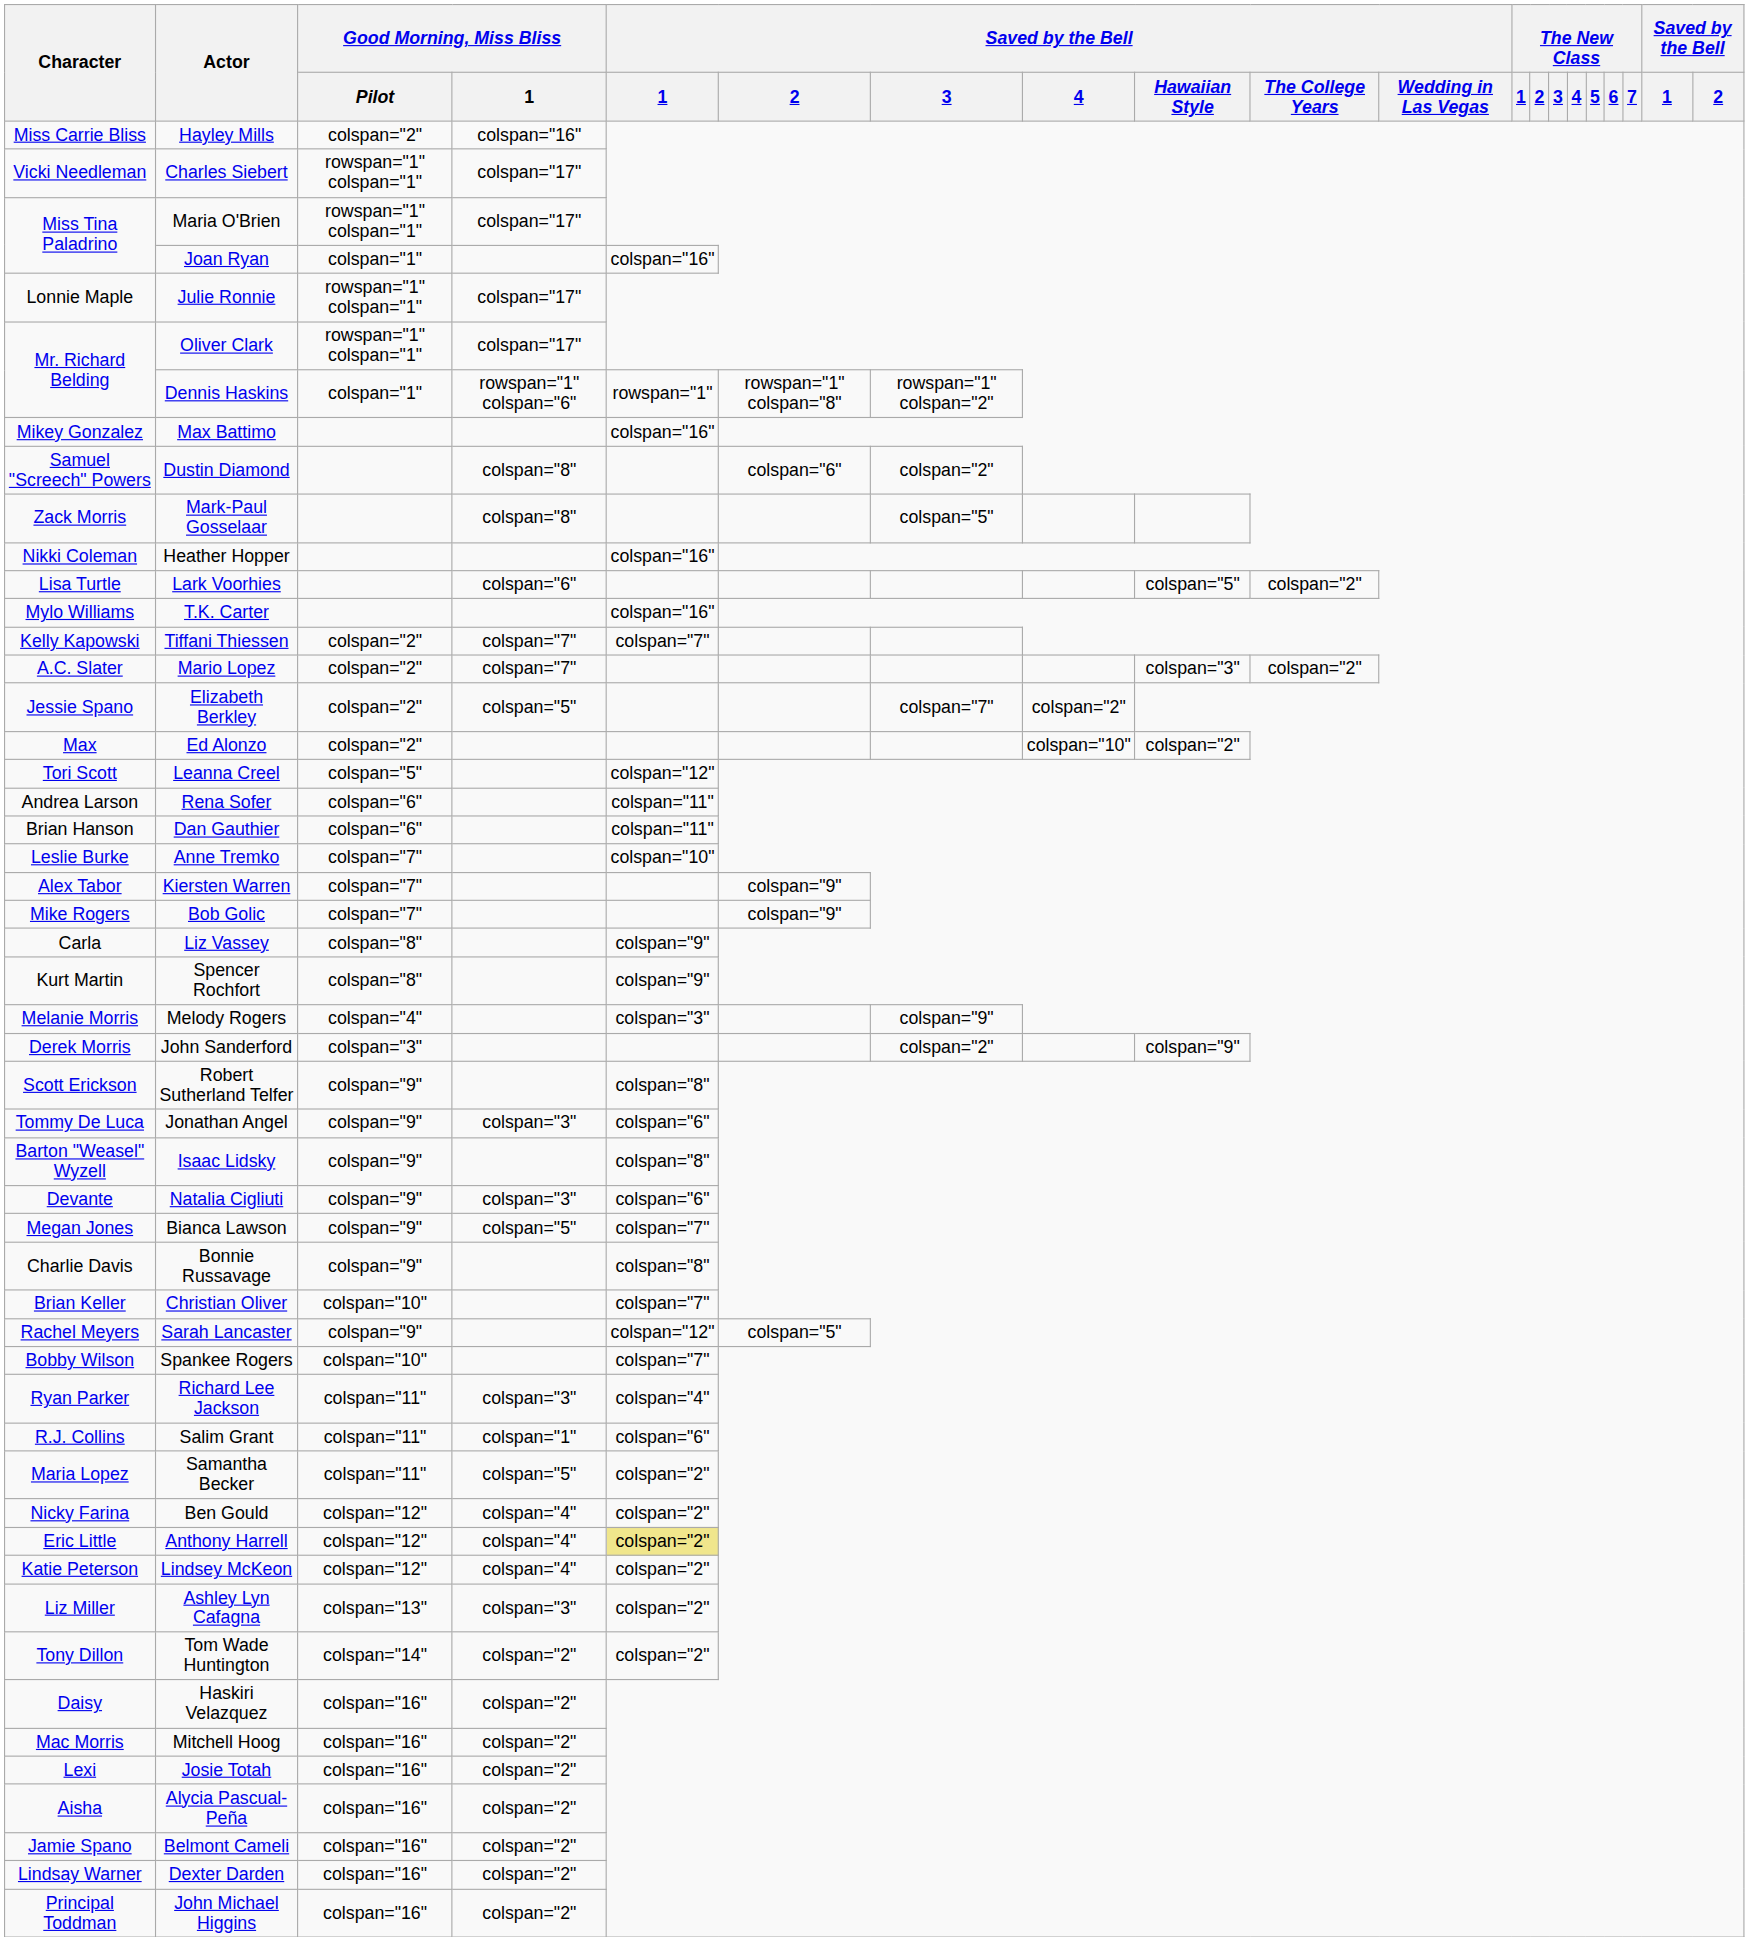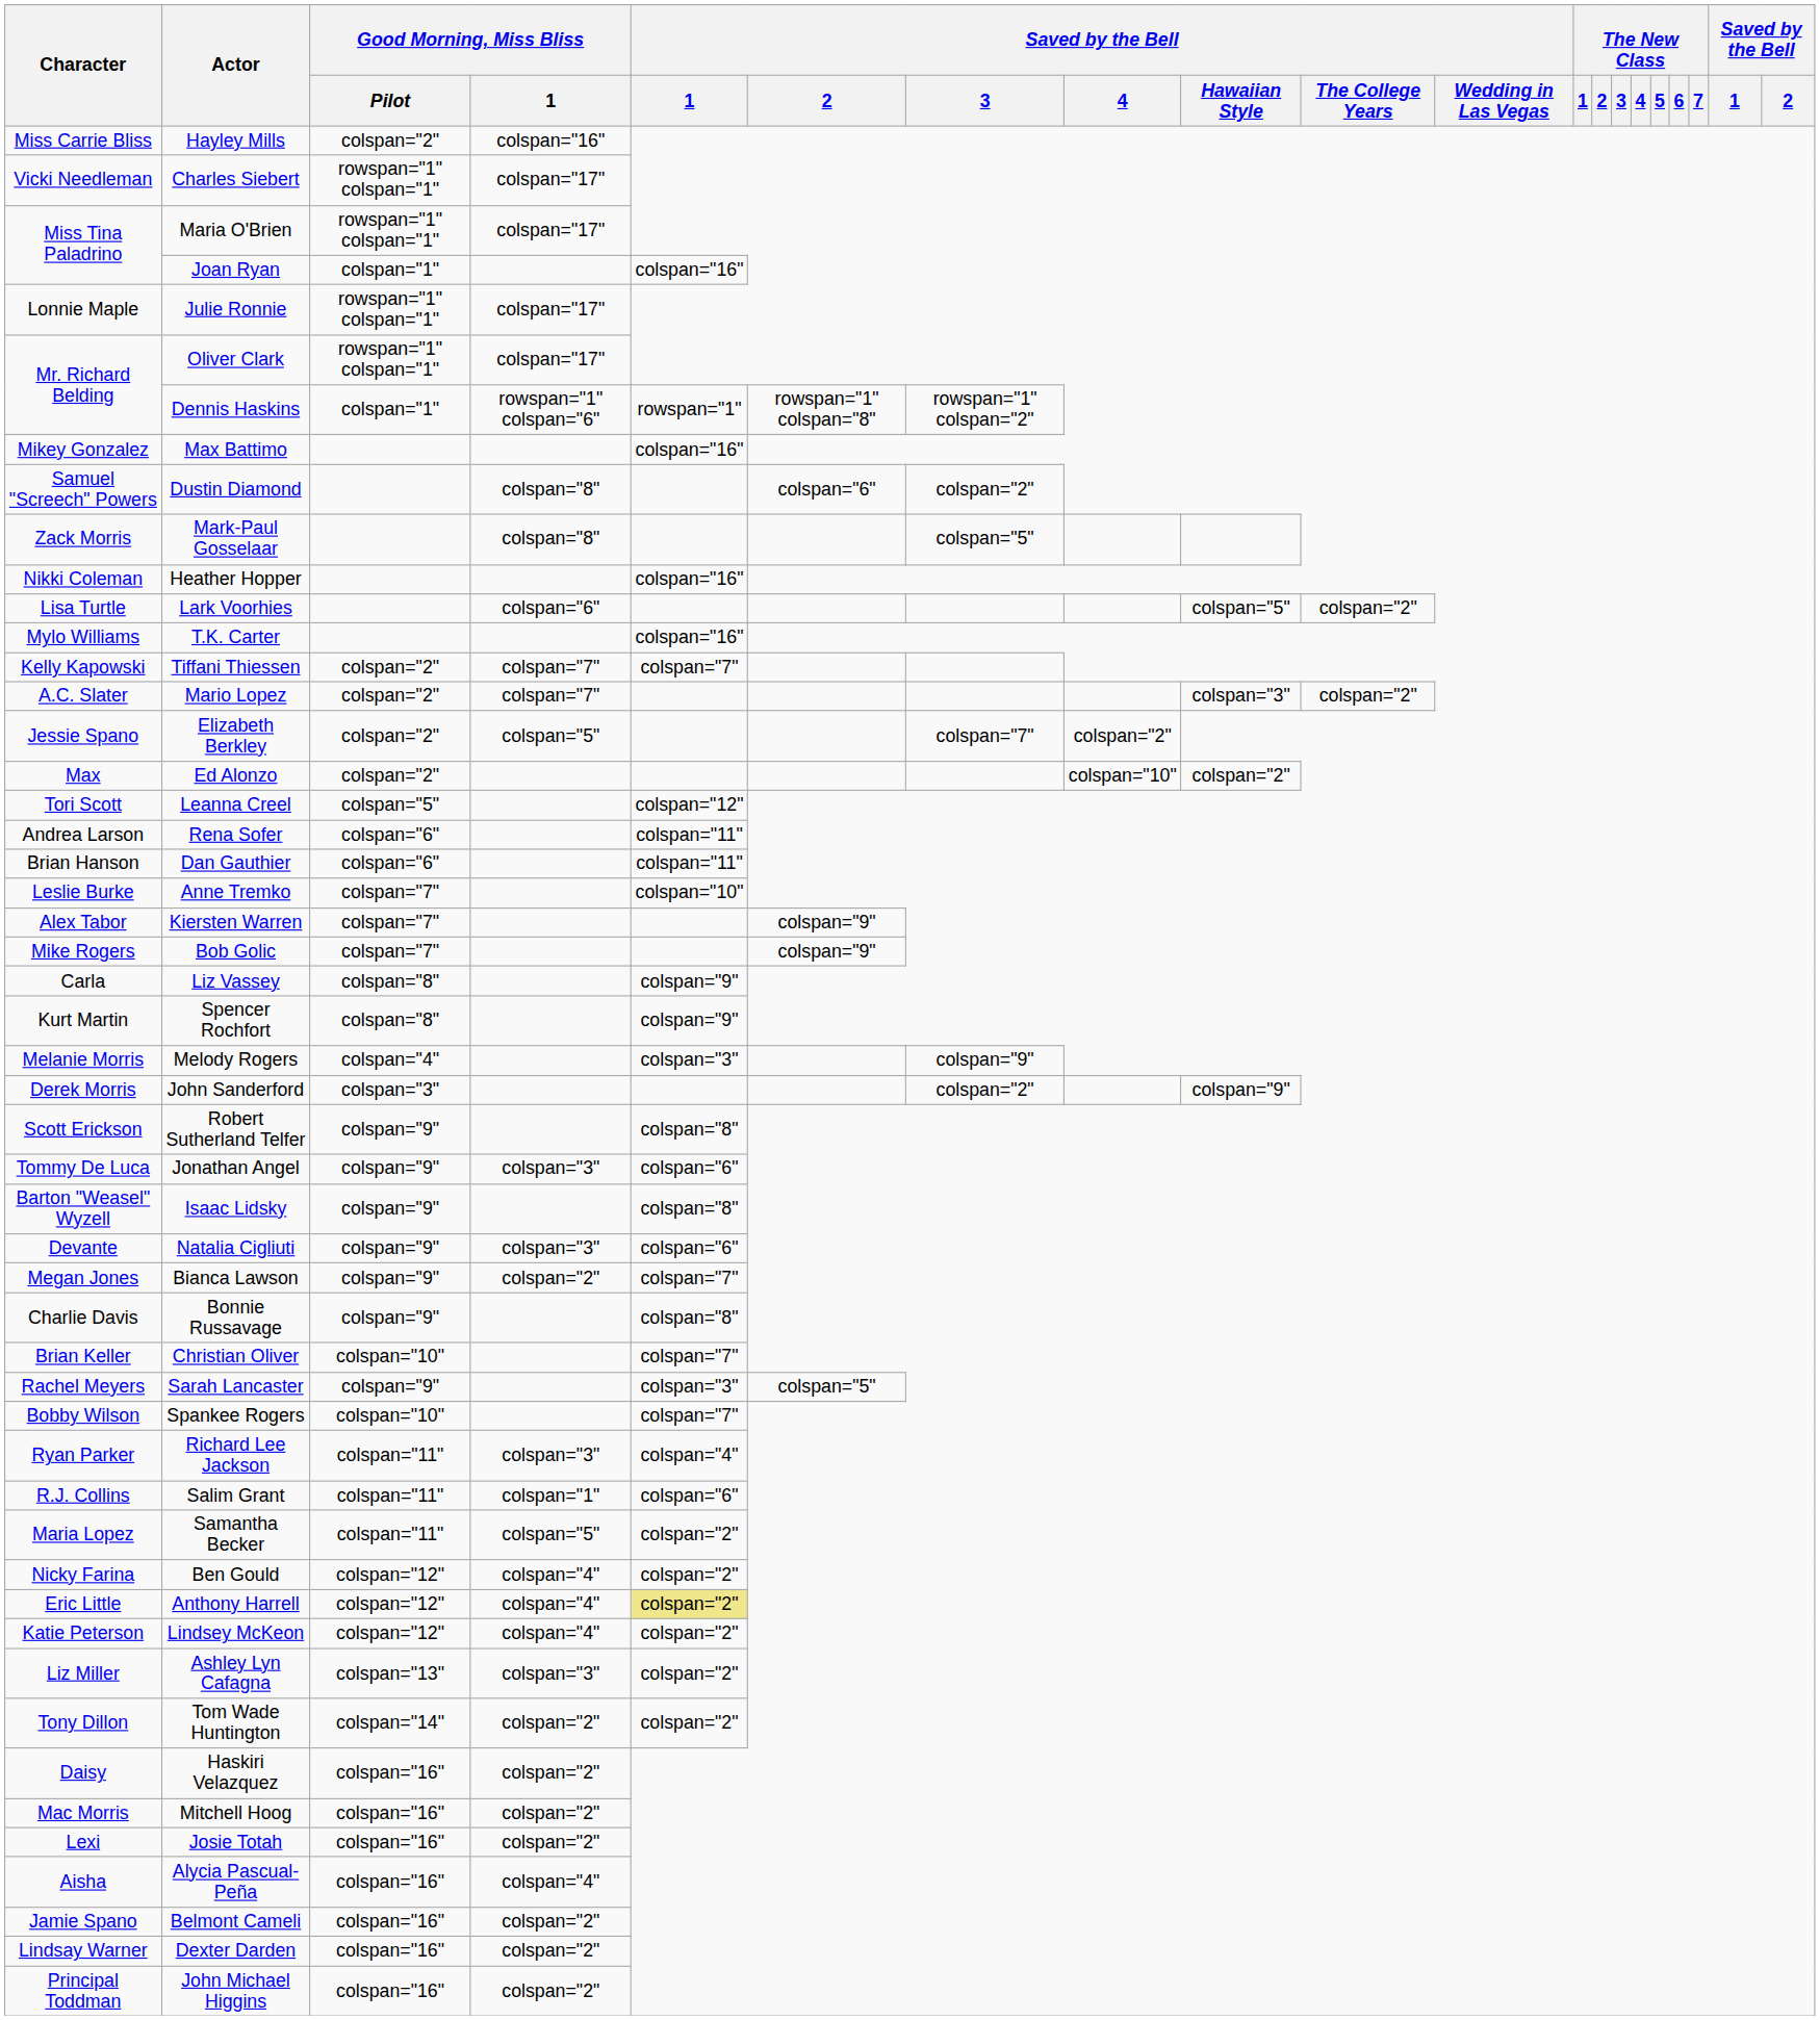 <table class="wikitable plainrowheaders" style="text-align:center;">
 <tr>
 <th scope="col" rowspan="2">Character</th>
 <th scope="col" rowspan="2">Actor</th>
 <th scope="col" colspan="2"><em><a href='#'>Good Morning, Miss Bliss</a></em></th>
 <th scope="col" colspan="7"><em><a href='#'>Saved by the Bell</a></em></th>
 <th scope="col" colspan="7"><a href='#'><em><br>The New Class</em></a></th>
 <th scope="col" colspan="2"><a href='#'><em>Saved by the Bell</em><br></a></th>
 </tr>
 <tr>
 <th scope="col"><em>Pilot</em></th>
 <th scope="col">1</th>
 <th scope="col"><a href='#'>1</a></th>
 <th scope="col"><a href='#'>2</a></th>
 <th scope="col"><a href='#'>3</a></th>
 <th scope="col"><a href='#'>4</a></th>
 <th scope="col"><a href='#'><em>Hawaiian Style</em></a></th>
 <th scope="col"><a href='#'><em>The College Years</em></a></th>
 <th scope="col"><a href='#'><em>Wedding in Las Vegas</em></a></th>
 <th scope="col"><a href='#'>1</a></th>
 <th scope="col"><a href='#'>2</a></th>
 <th scope="col"><a href='#'>3</a></th>
 <th scope="col"><a href='#'>4</a></th>
 <th scope="col"><a href='#'>5</a></th>
 <th scope="col"><a href='#'>6</a></th>
 <th scope="col"><a href='#'>7</a></th>
 <th scope="col"><a href='#'>1</a></th>
 <th scope="col"><a href='#'>2</a></th>
 </tr>
 <tr>
 <td scope="row"><a href='#'>Miss Carrie Bliss</a></td>
 <td><a href='#'>Hayley Mills</a></td>
 <td>colspan="2" </td>
 <td>colspan="16" </td>
 </tr>
 <tr>
 <td scope="row"><a href='#'>Vicki Needleman</a></td>
 <td><a href='#'>Charles Siebert</a></td>
 <td>rowspan="1" colspan="1" </td>
 <td>colspan="17" </td>
 </tr>
 <tr>
 <td rowspan="2" scope="row"><a href='#'>Miss Tina Paladrino</a></td>
 <td>Maria O'Brien</td>
 <td>rowspan="1" colspan="1" </td>
 <td>colspan="17" </td>
 </tr>
 <tr>
 <td><a href='#'>Joan Ryan</a></td>
 <td>colspan="1" </td>
 <td></td>
 <td>colspan="16" </td>
 </tr>
 <tr>
 <td scope="row">Lonnie Maple</td>
 <td><a href='#'>Julie Ronnie</a></td>
 <td>rowspan="1" colspan="1" </td>
 <td>colspan="17" </td>
 </tr>
 <tr>
 <td rowspan="2" scope="row"><a href='#'>Mr. Richard Belding</a></td>
 <td><a href='#'>Oliver Clark</a></td>
 <td>rowspan="1" colspan="1" </td>
 <td>colspan="17" </td>
 </tr>
 <tr>
 <td><a href='#'>Dennis Haskins</a></td>
 <td>colspan="1" </td>
 <td>rowspan="1" colspan="6" </td>
 <td>rowspan="1" </td>
 <td>rowspan="1" colspan="8" </td>
 <td>rowspan="1" colspan="2" </td>
 </tr>
 <tr>
 <td scope="row"><a href='#'>Mikey Gonzalez</a></td>
 <td><a href='#'>Max Battimo</a></td>
 <td></td>
 <td></td>
 <td>colspan="16" </td>
 </tr>
 <tr>
 <td scope="row"><a href='#'>Samuel "Screech" Powers</a></td>
 <td><a href='#'>Dustin Diamond</a></td>
 <td></td>
 <td>colspan="8" </td>
 <td></td>
 <td>colspan="6" </td>
 <td>colspan="2" </td>
 </tr>
 <tr>
 <td scope="row"><a href='#'>Zack Morris</a></td>
 <td><a href='#'>Mark-Paul Gosselaar</a></td>
 <td></td>
 <td>colspan="8" </td>
 <td></td>
 <td></td>
 <td>colspan="5" </td>
 <td></td>
 <td></td>
 </tr>
 <tr>
 <td scope="row"><a href='#'>Nikki Coleman</a></td>
 <td>Heather Hopper</td>
 <td></td>
 <td></td>
 <td>colspan="16" </td>
 </tr>
 <tr>
 <td scope="row"><a href='#'>Lisa Turtle</a></td>
 <td><a href='#'>Lark Voorhies</a></td>
 <td></td>
 <td>colspan="6" </td>
 <td></td>
 <td></td>
 <td></td>
 <td></td>
 <td>colspan="5" </td>
 <td>colspan="2" </td>
 </tr>
 <tr>
 <td scope="row"><a href='#'>Mylo Williams</a></td>
 <td><a href='#'>T.K. Carter</a></td>
 <td></td>
 <td></td>
 <td>colspan="16" </td>
 </tr>
 <tr>
 <td scope="row"><a href='#'>Kelly Kapowski</a></td>
 <td><a href='#'>Tiffani Thiessen</a></td>
 <td>colspan="2" </td>
 <td>colspan="7" </td>
 <td>colspan="7" </td>
 <td></td>
 <td></td>
 </tr>
 <tr>
 <td scope="row"><a href='#'>A.C. Slater</a></td>
 <td><a href='#'>Mario Lopez</a></td>
 <td>colspan="2" </td>
 <td>colspan="7" </td>
 <td></td>
 <td></td>
 <td></td>
 <td></td>
 <td>colspan="3" </td>
 <td>colspan="2" </td>
 </tr>
 <tr>
 <td scope="row"><a href='#'>Jessie Spano</a></td>
 <td><a href='#'>Elizabeth Berkley</a></td>
 <td>colspan="2" </td>
 <td>colspan="5" </td>
 <td></td>
 <td></td>
 <td>colspan="7" </td>
 <td>colspan="2" </td>
 </tr>
 <tr>
 <td scope="row"><a href='#'>Max</a></td>
 <td><a href='#'>Ed Alonzo</a></td>
 <td>colspan="2" </td>
 <td></td>
 <td></td>
 <td></td>
 <td></td>
 <td>colspan="10" </td>
 <td>colspan="2" </td>
 </tr>
 <tr>
 <td scope="row"><a href='#'>Tori Scott</a></td>
 <td><a href='#'>Leanna Creel</a></td>
 <td>colspan="5" </td>
 <td></td>
 <td>colspan="12" </td>
 </tr>
 <tr>
 <td scope="row">Andrea Larson</td>
 <td><a href='#'>Rena Sofer</a></td>
 <td>colspan="6" </td>
 <td></td>
 <td>colspan="11" </td>
 </tr>
 <tr>
 <td scope="row">Brian Hanson</td>
 <td><a href='#'>Dan Gauthier</a></td>
 <td>colspan="6" </td>
 <td></td>
 <td>colspan="11" </td>
 </tr>
 <tr>
 <td scope="row"><a href='#'>Leslie Burke</a></td>
 <td><a href='#'>Anne Tremko</a></td>
 <td>colspan="7" </td>
 <td></td>
 <td>colspan="10" </td>
 </tr>
 <tr>
 <td scope="row"><a href='#'>Alex Tabor</a></td>
 <td><a href='#'>Kiersten Warren</a></td>
 <td>colspan="7" </td>
 <td></td>
 <td></td>
 <td>colspan="9" </td>
 </tr>
 <tr>
 <td scope="row"><a href='#'>Mike Rogers</a></td>
 <td><a href='#'>Bob Golic</a></td>
 <td>colspan="7" </td>
 <td></td>
 <td></td>
 <td>colspan="9" </td>
 </tr>
 <tr>
 <td scope="row">Carla</td>
 <td><a href='#'>Liz Vassey</a></td>
 <td>colspan="8" </td>
 <td></td>
 <td>colspan="9" </td>
 </tr>
 <tr>
 <td scope="row">Kurt Martin</td>
 <td>Spencer Rochfort</td>
 <td>colspan="8" </td>
 <td></td>
 <td>colspan="9" </td>
 </tr>
 <tr>
 <td scope="row"><a href='#'>Melanie Morris</a></td>
 <td>Melody Rogers</td>
 <td>colspan="4" </td>
 <td></td>
 <td>colspan="3" </td>
 <td></td>
 <td>colspan="9" </td>
 </tr>
 <tr>
 <td scope="row"><a href='#'>Derek Morris</a></td>
 <td>John Sanderford</td>
 <td>colspan="3" </td>
 <td></td>
 <td></td>
 <td></td>
 <td>colspan="2" </td>
 <td></td>
 <td>colspan="9" </td>
 </tr>
 <tr>
 <td scope="row"><a href='#'>Scott Erickson</a></td>
 <td>Robert Sutherland Telfer</td>
 <td>colspan="9" </td>
 <td></td>
 <td>colspan="8" </td>
 </tr>
 <tr>
 <td scope="row"><a href='#'>Tommy De Luca</a></td>
 <td>Jonathan Angel</td>
 <td>colspan="9" </td>
 <td>colspan="3" </td>
 <td>colspan="6" </td>
 </tr>
 <tr>
 <td scope="row"><a href='#'>Barton "Weasel" Wyzell</a></td>
 <td><a href='#'>Isaac Lidsky</a></td>
 <td>colspan="9" </td>
 <td></td>
 <td>colspan="8" </td>
 </tr>
 <tr>
 <td scope="row"><a href='#'>Devante</a></td>
 <td><a href='#'>Natalia Cigliuti</a></td>
 <td>colspan="9" </td>
 <td>colspan="3" </td>
 <td>colspan="6" </td>
 </tr>
 <tr>
 <td scope="row"><a href='#'>Megan Jones</a></td>
 <td>Bianca Lawson</td>
 <td>colspan="9" </td>
-<td>colspan="5" </td>
+<td>colspan="2" </td>
 <td>colspan="7" </td>
 </tr>
 <tr>
 <td scope="row">Charlie Davis</td>
 <td>Bonnie Russavage</td>
 <td>colspan="9" </td>
 <td></td>
 <td>colspan="8" </td>
 </tr>
 <tr>
 <td scope="row"><a href='#'>Brian Keller</a></td>
 <td><a href='#'>Christian Oliver</a></td>
 <td>colspan="10" </td>
 <td></td>
 <td>colspan="7" </td>
 </tr>
 <tr>
 <td scope="row"><a href='#'>Rachel Meyers</a></td>
 <td><a href='#'>Sarah Lancaster</a></td>
 <td>colspan="9" </td>
 <td></td>
-<td>colspan="12" </td>
+<td>colspan="3" </td>
 <td>colspan="5" </td>
 </tr>
 <tr>
 <td scope="row"><a href='#'>Bobby Wilson</a></td>
 <td>Spankee Rogers</td>
 <td>colspan="10" </td>
 <td></td>
 <td>colspan="7" </td>
 </tr>
 <tr>
 <td scope="row"><a href='#'>Ryan Parker</a></td>
 <td><a href='#'>Richard Lee Jackson</a></td>
 <td>colspan="11" </td>
 <td>colspan="3" </td>
 <td>colspan="4" </td>
 </tr>
 <tr>
 <td scope="row"><a href='#'>R.J. Collins</a></td>
 <td>Salim Grant</td>
 <td>colspan="11" </td>
 <td>colspan="1" </td>
 <td>colspan="6" </td>
 </tr>
 <tr>
 <td scope="row"><a href='#'>Maria Lopez</a></td>
 <td>Samantha Becker</td>
 <td>colspan="11" </td>
 <td>colspan="5" </td>
 <td>colspan="2" </td>
 </tr>
 <tr>
 <td scope="row"><a href='#'>Nicky Farina</a></td>
 <td>Ben Gould</td>
 <td>colspan="12" </td>
 <td>colspan="4" </td>
 <td>colspan="2" </td>
 </tr>
 <tr>
 <td scope="row"><a href='#'>Eric Little</a></td>
 <td><a href='#'>Anthony Harrell</a></td>
 <td>colspan="12" </td>
 <td>colspan="4" </td>
 <td style="background: khaki;">colspan="2" </td>
 </tr>
 <tr>
 <td scope="row"><a href='#'>Katie Peterson</a></td>
 <td><a href='#'>Lindsey McKeon</a></td>
 <td>colspan="12" </td>
 <td>colspan="4" </td>
 <td>colspan="2" </td>
 </tr>
 <tr>
 <td scope="row"><a href='#'>Liz Miller</a></td>
 <td><a href='#'>Ashley Lyn Cafagna</a></td>
 <td>colspan="13" </td>
 <td>colspan="3" </td>
 <td>colspan="2" </td>
 </tr>
 <tr>
 <td scope="row"><a href='#'>Tony Dillon</a></td>
 <td>Tom Wade Huntington</td>
 <td>colspan="14" </td>
 <td>colspan="2" </td>
 <td>colspan="2" </td>
 </tr>
 <tr>
 <td scope="row"><a href='#'>Daisy</a></td>
 <td>Haskiri Velazquez</td>
 <td>colspan="16" </td>
 <td>colspan="2" </td>
 </tr>
 <tr>
 <td scope="row"><a href='#'>Mac Morris</a></td>
 <td>Mitchell Hoog</td>
 <td>colspan="16" </td>
 <td>colspan="2" </td>
 </tr>
 <tr>
 <td scope="row"><a href='#'>Lexi</a></td>
 <td><a href='#'>Josie Totah</a></td>
 <td>colspan="16" </td>
 <td>colspan="2" </td>
 </tr>
 <tr>
 <td scope="row"><a href='#'>Aisha</a></td>
 <td><a href='#'>Alycia Pascual-Peña</a></td>
 <td>colspan="16" </td>
-<td>colspan="2" </td>
+<td>colspan="4" </td>
 </tr>
 <tr>
 <td scope="row"><a href='#'>Jamie Spano</a></td>
 <td><a href='#'>Belmont Cameli</a></td>
 <td>colspan="16" </td>
 <td>colspan="2" </td>
 </tr>
 <tr>
 <td scope="row"><a href='#'>Lindsay Warner</a></td>
 <td><a href='#'>Dexter Darden</a></td>
 <td>colspan="16" </td>
 <td>colspan="2" </td>
 </tr>
 <tr>
 <td scope="row"><a href='#'>Principal Toddman</a></td>
 <td><a href='#'>John Michael Higgins</a></td>
 <td>colspan="16" </td>
 <td>colspan="2" </td>
 </tr>
 </table>
